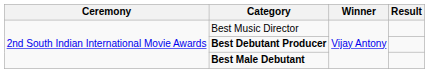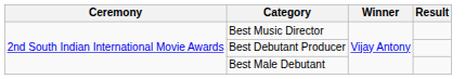 <table class="wikitable">
 <tr>
 <th>Ceremony</th>
 <th>Category</th>
 <th>Winner</th>
 <th>Result</th>
 </tr>
 <tr>
 <td rowspan="3"><a href='#'>2nd South Indian International Movie Awards</a></td>
 <td>Best Music Director</td>
 <td rowspan=3><a href='#'>Vijay Antony</a></td>
 <td></td>
 </tr>
 <tr>
-<td><strong>Best Debutant Producer</strong></td>
+<td>Best Debutant Producer</td>
 <td></td>
 </tr>
 <tr>
-<td><strong>Best Male Debutant</strong></td>
+<td>Best Male Debutant</td>
 <td></td>
 </tr>
 </table>
